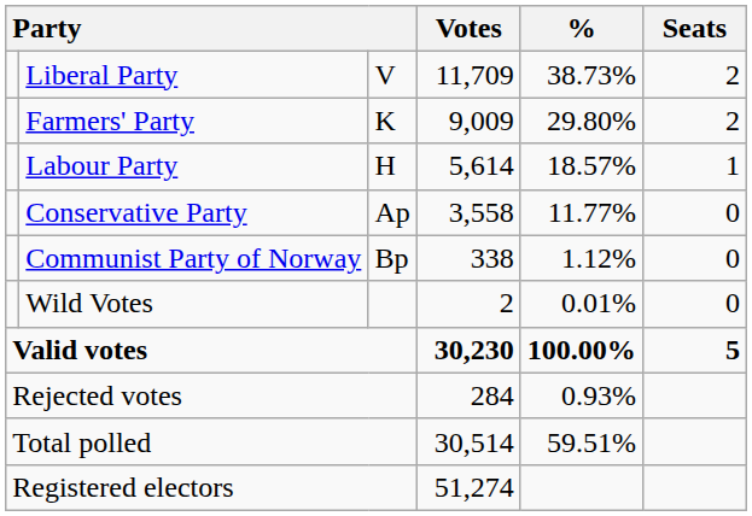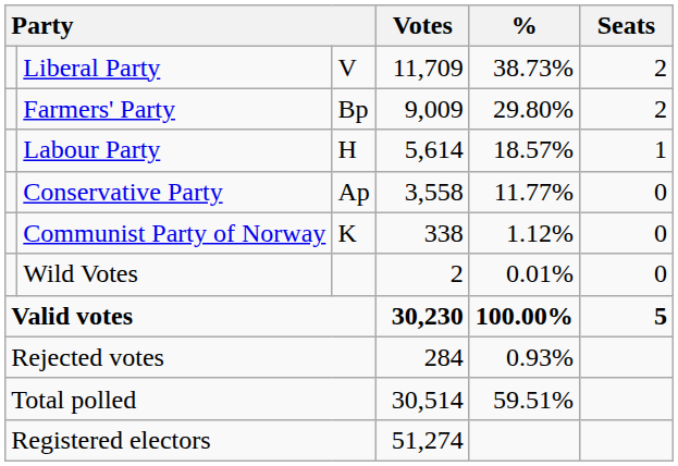 <table class="wikitable" border="1" style="text-align:right;">
 <tr>
 <th style="text-align:left;" colspan=3>Party</th>
 <th align=center width="50">Votes</th>
 <th align=center width="50">%</th>
 <th align=center width="50">Seats</th>
 </tr>
 <tr>
 <td style="color:inherit;background:"></td>
 <td align=left><a href='#'>Liberal Party</a></td>
 <td align=left>V</td>
 <td>11,709</td>
 <td>38.73%</td>
 <td>2</td>
 </tr>
 <tr>
 <td style="color:inherit;background:"></td>
 <td align=left><a href='#'>Farmers' Party</a></td>
-<td align=left>K</td>
+<td align=left>Bp</td>
 <td>9,009</td>
 <td>29.80%</td>
 <td>2</td>
 </tr>
 <tr>
 <td style="color:inherit;background:"></td>
 <td align=left><a href='#'>Labour Party</a></td>
 <td align=left>H</td>
 <td>5,614</td>
 <td>18.57%</td>
 <td>1</td>
 </tr>
 <tr>
 <td style="color:inherit;background:"></td>
 <td align=left><a href='#'>Conservative Party</a></td>
 <td align=left>Ap</td>
 <td>3,558</td>
 <td>11.77%</td>
 <td>0</td>
 </tr>
 <tr>
 <td style="color:inherit;background:"></td>
 <td align=left><a href='#'>Communist Party of Norway</a></td>
-<td align=left>Bp</td>
+<td align=left>K</td>
 <td>338</td>
 <td>1.12%</td>
 <td>0</td>
 </tr>
 <tr>
 <td></td>
 <td align=left>Wild Votes</td>
 <td align=left></td>
 <td>2</td>
 <td>0.01%</td>
 <td>0</td>
 </tr>
 <tr style="font-weight:bold">
 <td align=left colspan=3>Valid votes</td>
 <td>30,230</td>
 <td>100.00%</td>
 <td>5</td>
 </tr>
 <tr>
 <td align=left colspan=3>Rejected votes</td>
 <td>284</td>
 <td>0.93%</td>
 <td></td>
 </tr>
 <tr>
 <td align=left colspan=3>Total polled</td>
 <td>30,514</td>
 <td>59.51%</td>
 <td></td>
 </tr>
 <tr>
 <td align=left colspan=3>Registered electors</td>
 <td>51,274</td>
 <td></td>
 <td></td>
 </tr>
 </table>
